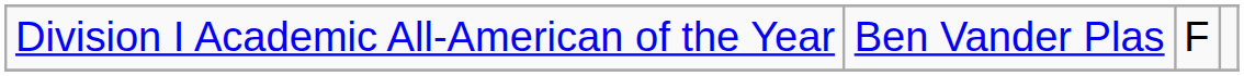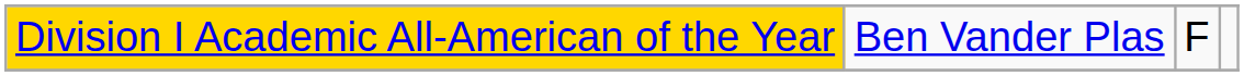 <table class="wikitable sortable" border="1">
 <tr align=center>
 </tr>
 <tr align="center">
-<td><a href='#'>Division I Academic All-American of the Year</a></td>
+<td style="background: gold;"><a href='#'>Division I Academic All-American of the Year</a></td>
 <td><a href='#'>Ben Vander Plas</a></td>
 <td>F</td>
 <td></td>
 </tr>
 <tr>
 </tr>
 </table>
